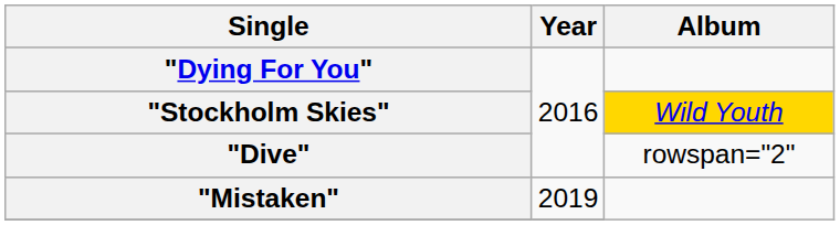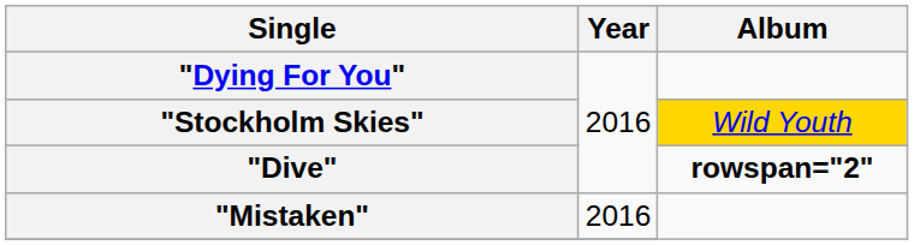 <table class="wikitable plainrowheaders" style="text-align:center;">
 <tr>
 <th scope="col" style="width:19em;">Single</th>
 <th scope="col" style="width:1em;">Year</th>
 <th scope="col" style="width:8em;">Album</th>
 </tr>
 <tr>
 <th scope="row">"<a href='#'>Dying For You</a>"<br></th>
 <td rowspan="3">2016</td>
 <td></td>
 </tr>
 <tr>
 <th scope="row">"Stockholm Skies"<br></th>
 <td style="background: gold;"><em><a href='#'>Wild Youth</a></em></td>
 </tr>
 <tr>
 <th scope="row">"Dive"<br></th>
-<td>rowspan="2" </td>
+<td><strong>rowspan="2" </strong></td>
 </tr>
 <tr>
 <th scope="row">"Mistaken"<br></th>
-<td>2019</td>
+<td>2016</td>
 </tr>
 <tr>
 </tr>
 </table>
